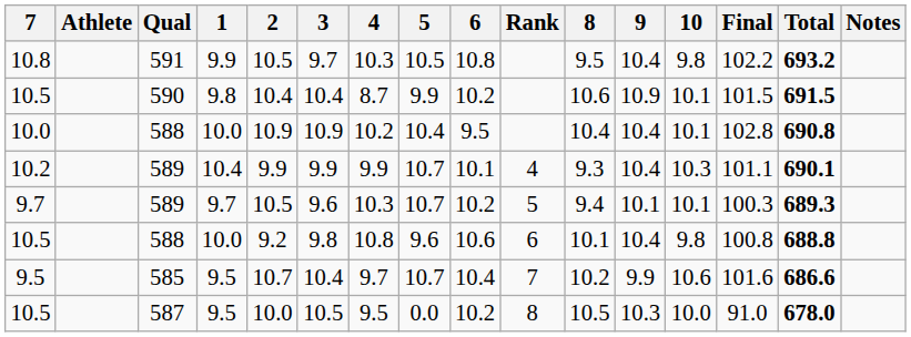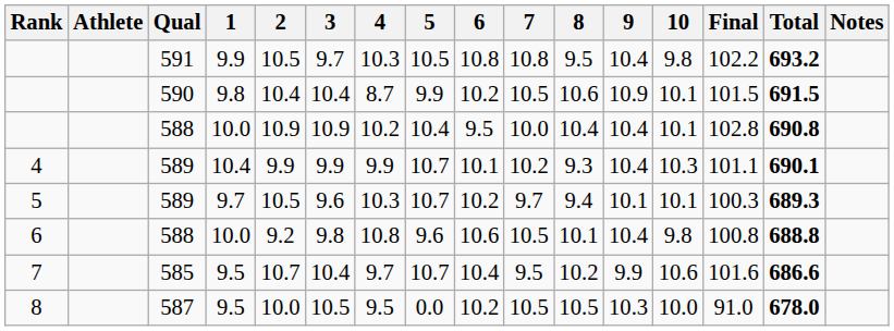 <table class="wikitable sortable">
 <tr>
-<th class="unsortable" style="width: 28px">7</th>
+<th>Rank</th>
 <th>Athlete</th>
 <th>Qual</th>
 <th class="unsortable" style="width: 28px">1</th>
 <th class="unsortable" style="width: 28px">2</th>
 <th class="unsortable" style="width: 28px">3</th>
 <th class="unsortable" style="width: 28px">4</th>
 <th class="unsortable" style="width: 28px">5</th>
 <th class="unsortable" style="width: 28px">6</th>
-<th>Rank</th>
+<th class="unsortable" style="width: 28px">7</th>
 <th class="unsortable" style="width: 28px">8</th>
 <th class="unsortable" style="width: 28px">9</th>
 <th class="unsortable" style="width: 28px">10</th>
 <th>Final</th>
 <th>Total</th>
 <th>Notes</th>
 </tr>
 <tr>
-<td align="center">10.8</td>
+<td align="center"></td>
 <td></td>
 <td align="center">591</td>
 <td align="center">9.9</td>
 <td align="center">10.5</td>
 <td align="center">9.7</td>
 <td align="center">10.3</td>
 <td align="center">10.5</td>
 <td align="center">10.8</td>
-<td align="center"></td>
+<td align="center">10.8</td>
 <td align="center">9.5</td>
 <td align="center">10.4</td>
 <td align="center">9.8</td>
 <td align="center">102.2</td>
 <td align="center"><strong>693.2</strong></td>
 <td align="center"></td>
 </tr>
 <tr>
-<td align="center">10.5</td>
+<td align="center"></td>
 <td></td>
 <td align="center">590</td>
 <td align="center">9.8</td>
 <td align="center">10.4</td>
 <td align="center">10.4</td>
 <td align="center">8.7</td>
 <td align="center">9.9</td>
 <td align="center">10.2</td>
-<td align="center"></td>
+<td align="center">10.5</td>
 <td align="center">10.6</td>
 <td align="center">10.9</td>
 <td align="center">10.1</td>
 <td align="center">101.5</td>
 <td align="center"><strong>691.5</strong></td>
 <td align="center"></td>
 </tr>
 <tr>
-<td align="center">10.0</td>
+<td align="center"></td>
 <td></td>
 <td align="center">588</td>
 <td align="center">10.0</td>
 <td align="center">10.9</td>
 <td align="center">10.9</td>
 <td align="center">10.2</td>
 <td align="center">10.4</td>
 <td align="center">9.5</td>
-<td align="center"></td>
+<td align="center">10.0</td>
 <td align="center">10.4</td>
 <td align="center">10.4</td>
 <td align="center">10.1</td>
 <td align="center">102.8</td>
 <td align="center"><strong>690.8</strong></td>
 <td></td>
 </tr>
 <tr>
-<td align="center">10.2</td>
+<td align="center">4</td>
 <td></td>
 <td align="center">589</td>
 <td align="center">10.4</td>
 <td align="center">9.9</td>
 <td align="center">9.9</td>
 <td align="center">9.9</td>
 <td align="center">10.7</td>
 <td align="center">10.1</td>
-<td align="center">4</td>
+<td align="center">10.2</td>
 <td align="center">9.3</td>
 <td align="center">10.4</td>
 <td align="center">10.3</td>
 <td align="center">101.1</td>
 <td align="center"><strong>690.1</strong></td>
 <td></td>
 </tr>
 <tr>
-<td align="center">9.7</td>
+<td align="center">5</td>
 <td></td>
 <td align="center">589</td>
 <td align="center">9.7</td>
 <td align="center">10.5</td>
 <td align="center">9.6</td>
 <td align="center">10.3</td>
 <td align="center">10.7</td>
 <td align="center">10.2</td>
-<td align="center">5</td>
+<td align="center">9.7</td>
 <td align="center">9.4</td>
 <td align="center">10.1</td>
 <td align="center">10.1</td>
 <td align="center">100.3</td>
 <td align="center"><strong>689.3</strong></td>
 <td></td>
 </tr>
 <tr>
-<td align="center">10.5</td>
+<td align="center">6</td>
 <td></td>
 <td align="center">588</td>
 <td align="center">10.0</td>
 <td align="center">9.2</td>
 <td align="center">9.8</td>
 <td align="center">10.8</td>
 <td align="center">9.6</td>
 <td align="center">10.6</td>
-<td align="center">6</td>
+<td align="center">10.5</td>
 <td align="center">10.1</td>
 <td align="center">10.4</td>
 <td align="center">9.8</td>
 <td align="center">100.8</td>
 <td align="center"><strong>688.8</strong></td>
 <td></td>
 </tr>
 <tr>
-<td align="center">9.5</td>
+<td align="center">7</td>
 <td></td>
 <td align="center">585</td>
 <td align="center">9.5</td>
 <td align="center">10.7</td>
 <td align="center">10.4</td>
 <td align="center">9.7</td>
 <td align="center">10.7</td>
 <td align="center">10.4</td>
-<td align="center">7</td>
+<td align="center">9.5</td>
 <td align="center">10.2</td>
 <td align="center">9.9</td>
 <td align="center">10.6</td>
 <td align="center">101.6</td>
 <td align="center"><strong>686.6</strong></td>
 <td></td>
 </tr>
 <tr>
-<td align="center">10.5</td>
+<td align="center">8</td>
 <td></td>
 <td align="center">587</td>
 <td align="center">9.5</td>
 <td align="center">10.0</td>
 <td align="center">10.5</td>
 <td align="center">9.5</td>
 <td align="center">0.0</td>
 <td align="center">10.2</td>
-<td align="center">8</td>
+<td align="center">10.5</td>
 <td align="center">10.5</td>
 <td align="center">10.3</td>
 <td align="center">10.0</td>
 <td align="center">91.0</td>
 <td align="center"><strong>678.0</strong></td>
 <td></td>
 </tr>
 </table>
